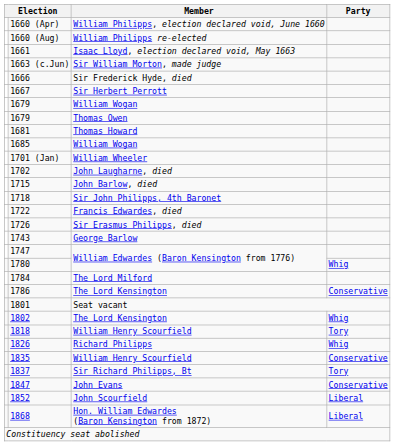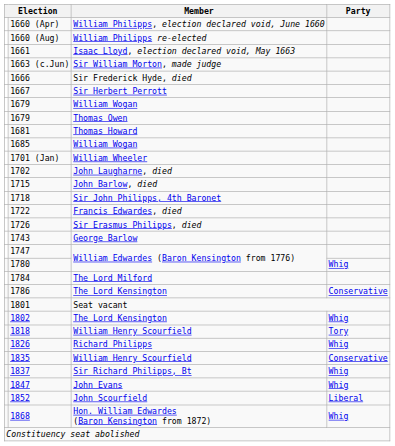 <table class="wikitable">
 <tr>
 <th colspan="2">Election</th>
 <th>Member</th>
 <th>Party</th>
 </tr>
 <tr>
 <td style="color:inherit;background-color: white"></td>
 <td>1660 (Apr)</td>
 <td><a href='#'>William Philipps</a>, <em>election declared void, June 1660</em> </td>
 <td></td>
 </tr>
 <tr>
 <td style="color:inherit;background-color: white"></td>
 <td>1660 (Aug)</td>
 <td><a href='#'>William Philipps</a> <em>re-elected</em></td>
 <td></td>
 </tr>
 <tr>
 <td style="color:inherit;background-color: white"></td>
 <td>1661</td>
 <td><a href='#'>Isaac Lloyd</a>, <em>election declared void, May 1663</em> </td>
 <td></td>
 </tr>
 <tr>
 <td style="color:inherit;background-color: white"></td>
 <td>1663 (c.Jun)</td>
 <td><a href='#'>Sir William Morton</a>, <em>made judge</em></td>
 <td></td>
 </tr>
 <tr>
 <td style="color:inherit;background-color: white"></td>
 <td>1666</td>
 <td>Sir Frederick Hyde, <em>died</em></td>
 <td></td>
 </tr>
 <tr>
 <td style="color:inherit;background-color: white"></td>
 <td>1667</td>
 <td><a href='#'>Sir Herbert Perrott</a></td>
 <td></td>
 </tr>
 <tr>
 <td style="color:inherit;background-color: white"></td>
 <td>1679</td>
 <td><a href='#'>William Wogan</a>  </td>
 <td></td>
 </tr>
 <tr>
 <td style="color:inherit;background-color: white"></td>
 <td>1679</td>
 <td><a href='#'>Thomas Owen</a>  </td>
 <td></td>
 </tr>
 <tr>
 <td style="color:inherit;background-color: white"></td>
 <td>1681</td>
 <td><a href='#'>Thomas Howard</a></td>
 <td></td>
 </tr>
 <tr>
 <td style="color:inherit;background-color: white"></td>
 <td>1685</td>
 <td><a href='#'>William Wogan</a></td>
 <td></td>
 </tr>
 <tr>
 <td style="color:inherit;background-color: white"></td>
 <td>1701 (Jan)</td>
 <td><a href='#'>William Wheeler</a></td>
 <td></td>
 </tr>
 <tr>
 <td style="color:inherit;background-color: white"></td>
 <td>1702</td>
 <td><a href='#'>John Laugharne</a>, <em>died</em></td>
 <td></td>
 </tr>
 <tr>
 <td style="color:inherit;background-color: white"></td>
 <td>1715</td>
 <td><a href='#'>John Barlow</a>, <em>died</em></td>
 <td></td>
 </tr>
 <tr>
 <td style="color:inherit;background-color: white"></td>
 <td>1718</td>
 <td><a href='#'>Sir John Philipps, 4th Baronet</a></td>
 <td></td>
 </tr>
 <tr>
 <td style="color:inherit;background-color: white"></td>
 <td>1722</td>
 <td><a href='#'>Francis Edwardes</a>, <em>died</em></td>
 <td></td>
 </tr>
 <tr>
 <td style="color:inherit;background-color: white"></td>
 <td>1726</td>
 <td><a href='#'>Sir Erasmus Philipps</a>, <em>died</em></td>
 <td></td>
 </tr>
 <tr>
 <td style="color:inherit;background-color: white"></td>
 <td>1743</td>
 <td><a href='#'>George Barlow</a></td>
 <td></td>
 </tr>
 <tr>
 <td style="color:inherit;background-color: white"></td>
 <td>1747</td>
 <td rowspan="2"><a href='#'>William Edwardes</a> (<a href='#'>Baron Kensington</a> from 1776)</td>
 <td></td>
 </tr>
 <tr>
 <td style="color:inherit;background-color: "></td>
 <td>1780</td>
 <td><a href='#'>Whig</a></td>
 </tr>
 <tr>
 <td style="color:inherit;background-color: white"></td>
 <td>1784</td>
 <td><a href='#'>The Lord Milford</a></td>
 <td></td>
 </tr>
 <tr>
 <td style="color:inherit;background-color: "></td>
 <td>1786</td>
 <td><a href='#'>The Lord Kensington</a></td>
 <td><a href='#'>Conservative</a></td>
 </tr>
 <tr>
 <td></td>
 <td>1801</td>
 <td colspan="3">Seat vacant</td>
 </tr>
 <tr>
 <td style="color:inherit;background-color: "></td>
 <td><a href='#'>1802</a></td>
 <td><a href='#'>The Lord Kensington</a></td>
 <td><a href='#'>Whig</a></td>
 </tr>
 <tr>
 <td style="color:inherit;background-color: "></td>
 <td><a href='#'>1818</a></td>
 <td><a href='#'>William Henry Scourfield</a></td>
 <td><a href='#'>Tory</a></td>
 </tr>
 <tr>
 <td style="color:inherit;background-color: "></td>
 <td><a href='#'>1826</a></td>
 <td><a href='#'>Richard Philipps</a></td>
 <td><a href='#'>Whig</a></td>
 </tr>
 <tr>
 <td style="color:inherit;background-color: "></td>
 <td><a href='#'>1835</a></td>
 <td><a href='#'>William Henry Scourfield</a></td>
 <td><a href='#'>Conservative</a></td>
 </tr>
 <tr>
 <td style="color:inherit;background-color: "></td>
 <td><a href='#'>1837</a></td>
 <td><a href='#'>Sir Richard Philipps, Bt</a></td>
-<td><a href='#'>Tory</a></td>
+<td><a href='#'>Whig</a></td>
 </tr>
 <tr>
 <td style="color:inherit;background-color: "></td>
 <td><a href='#'>1847</a></td>
 <td><a href='#'>John Evans</a></td>
-<td><a href='#'>Conservative</a></td>
+<td><a href='#'>Whig</a></td>
 </tr>
 <tr>
 <td style="color:inherit;background-color: "></td>
 <td><a href='#'>1852</a></td>
 <td><a href='#'>John Scourfield</a></td>
 <td><a href='#'>Liberal</a></td>
 </tr>
 <tr>
 <td style="color:inherit;background-color: "></td>
 <td><a href='#'>1868</a></td>
 <td><a href='#'>Hon. William Edwardes</a><br> (<a href='#'>Baron Kensington</a> from 1872)</td>
-<td><a href='#'>Liberal</a></td>
+<td><a href='#'>Whig</a></td>
 </tr>
 <tr>
 <td colspan="4"><em>Constituency seat abolished</em></td>
 </tr>
 </table>
